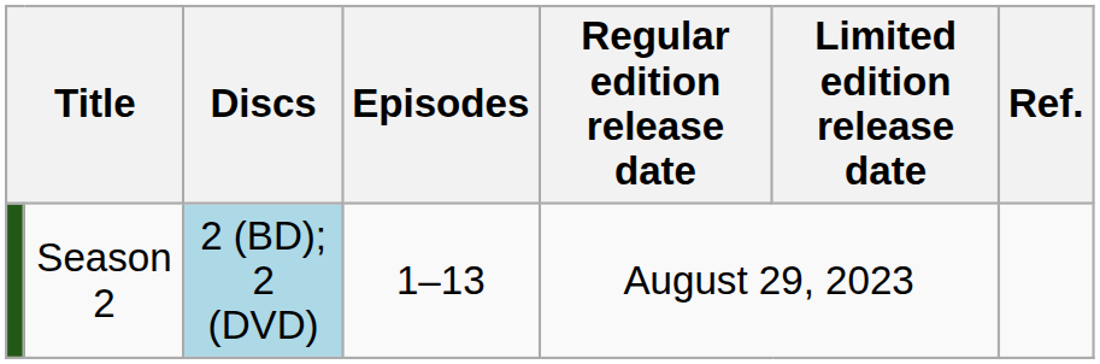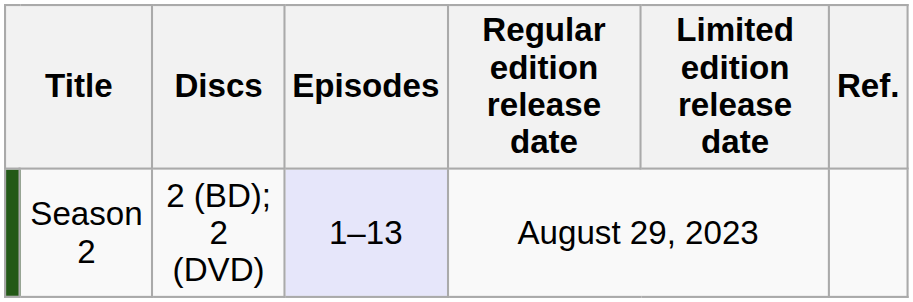 <table class="wikitable" style="text-align: center; width: 70%;">
 <tr>
 <th colspan="2">Title</th>
 <th>Discs</th>
 <th>Episodes</th>
 <th>Regular edition release date</th>
 <th>Limited edition release date</th>
 <th width="5%">Ref.</th>
 </tr>
 <tr>
 <td rowspan="1" width="1%" style="background: #235917;"></td>
 <td>Season 2</td>
-<td style="background: lightblue;">2 (BD); 2 (DVD)</td>
-<td>1–13</td>
+<td>2 (BD); 2 (DVD)</td>
+<td style="background: lavender;">1–13</td>
 <td colspan="2">August 29, 2023</td>
 <td></td>
 </tr>
 </table>
